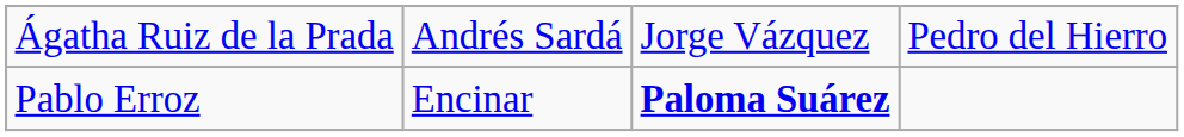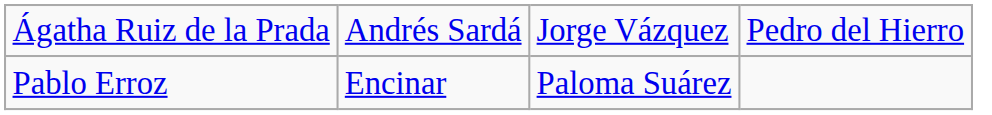 <table class="wikitable">
 <tr>
 <td><a href='#'>Ágatha Ruiz de la Prada</a></td>
 <td><a href='#'>Andrés Sardá</a></td>
 <td><a href='#'>Jorge Vázquez</a></td>
 <td><a href='#'>Pedro del Hierro</a></td>
 </tr>
 <tr>
 <td><a href='#'>Pablo Erroz</a></td>
 <td><a href='#'>Encinar</a></td>
-<td><strong><a href='#'>Paloma Suárez</a></strong></td>
+<td><a href='#'>Paloma Suárez</a></td>
 <td></td>
 </tr>
 </table>
